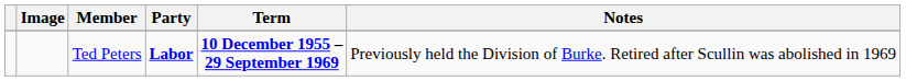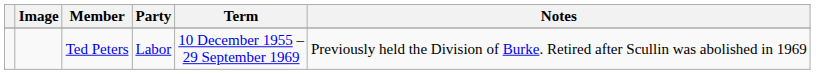 <table class=wikitable style="text-align:center">
 <tr>
 <th></th>
 <th>Image</th>
 <th>Member</th>
 <th>Party</th>
 <th>Term</th>
 <th>Notes</th>
 </tr>
 <tr>
 </tr>
 <tr>
 <td> </td>
 <td></td>
 <td><a href='#'>Ted Peters</a><br></td>
-<td><strong><a href='#'>Labor</a></strong></td>
-<td nowrap><strong><a href='#'>10 December 1955</a> –<br><a href='#'>29 September 1969</a></strong></td>
+<td><a href='#'>Labor</a></td>
+<td nowrap><a href='#'>10 December 1955</a> –<br><a href='#'>29 September 1969</a></td>
 <td>Previously held the Division of <a href='#'>Burke</a>. Retired after Scullin was abolished in 1969</td>
 </tr>
 </table>
